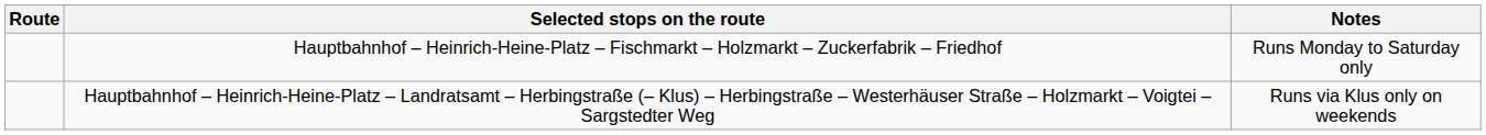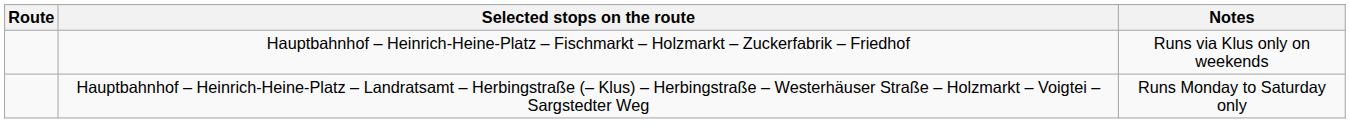 <table class="wikitable" | border="1" cellspacing="0" cellpadding="3" style="border-collapse:collapse; font-size:95%; margin-right:10px; margin-bottom:5px">
 <tr>
 <th>Route</th>
 <th>Selected stops on the route</th>
 <th>Notes</th>
 </tr>
 <tr align=center valign=top>
 <td></td>
 <td>Hauptbahnhof – Heinrich-Heine-Platz – Fischmarkt – Holzmarkt – Zuckerfabrik – Friedhof</td>
-<td>Runs Monday to Saturday only</td>
+<td>Runs via Klus only on weekends</td>
 </tr>
 <tr align=center valign=top>
 <td></td>
 <td>Hauptbahnhof – Heinrich-Heine-Platz – Landratsamt – Herbingstraße (– Klus) – Herbingstraße – Westerhäuser Straße – Holzmarkt – Voigtei – Sargstedter Weg</td>
-<td>Runs via Klus only on weekends</td>
+<td>Runs Monday to Saturday only</td>
 </tr>
 </table>
